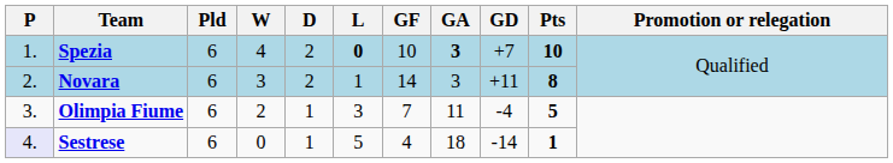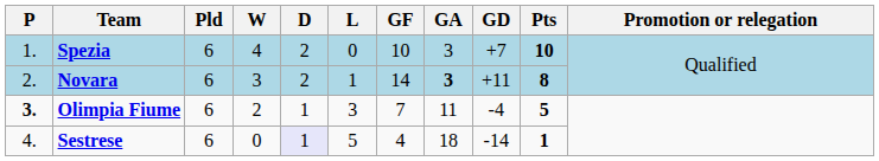 <table class="wikitable sortable" style="text-align: center;">
 <tr>
 <th width=33>P<br></th>
 <th>Team<br></th>
 <th width=33>Pld<br></th>
 <th width=33>W<br></th>
 <th width=33>D<br></th>
 <th width=33>L<br></th>
 <th width=33>GF<br></th>
 <th width=33>GA<br></th>
 <th width=33>GD<br></th>
 <th width=33>Pts<br></th>
 <th class="unsortable" width=250>Promotion or relegation<br></th>
 </tr>
 <tr style="background: lightblue;">
 <td>1.</td>
 <td align="left"><strong><a href='#'>Spezia</a></strong></td>
 <td>6</td>
 <td>4</td>
 <td>2</td>
-<td><strong>0</strong></td>
+<td>0</td>
 <td>10</td>
-<td><strong>3</strong></td>
+<td>3</td>
 <td>+7</td>
 <td><strong>10</strong></td>
 <td rowspan="2">Qualified</td>
 </tr>
 <tr style="background: lightblue;">
 <td>2.</td>
 <td align="left"><strong><a href='#'>Novara</a></strong></td>
 <td>6</td>
 <td>3</td>
 <td>2</td>
 <td>1</td>
 <td>14</td>
-<td>3</td>
+<td><strong>3</strong></td>
 <td>+11</td>
 <td><strong>8</strong></td>
 </tr>
 <tr>
-<td>3.</td>
+<td><strong>3.</strong></td>
 <td align="left"><strong><a href='#'>Olimpia Fiume</a></strong></td>
 <td>6</td>
 <td>2</td>
 <td>1</td>
 <td>3</td>
 <td>7</td>
 <td>11</td>
 <td>-4</td>
 <td><strong>5</strong></td>
 </tr>
 <tr>
-<td style="background: lavender;">4.</td>
+<td>4.</td>
 <td align="left"><strong><a href='#'>Sestrese</a></strong></td>
 <td>6</td>
 <td>0</td>
-<td>1</td>
+<td style="background: lavender;">1</td>
 <td>5</td>
 <td>4</td>
 <td>18</td>
 <td>-14</td>
 <td><strong>1</strong></td>
 </tr>
 </table>
